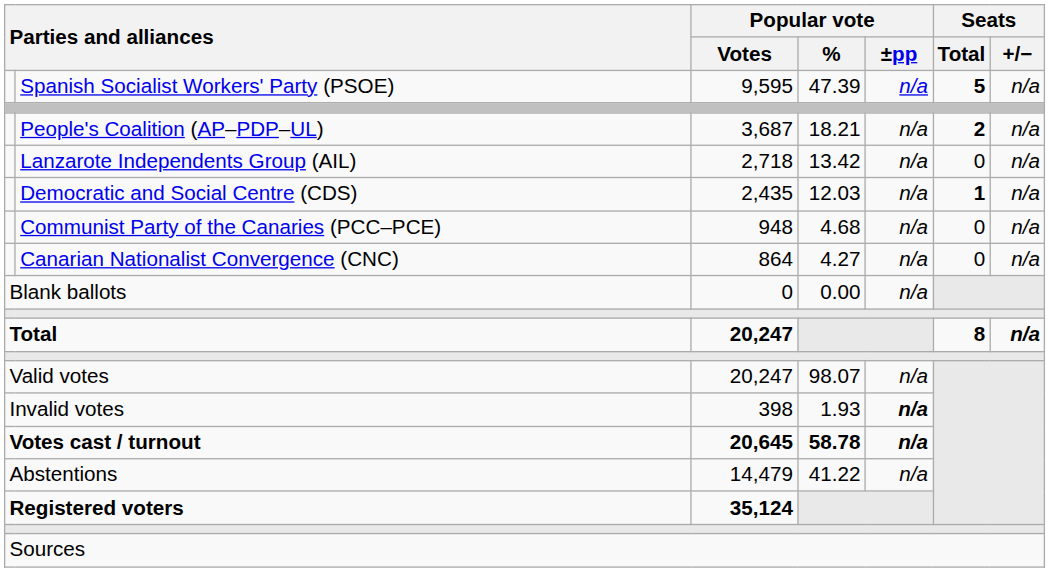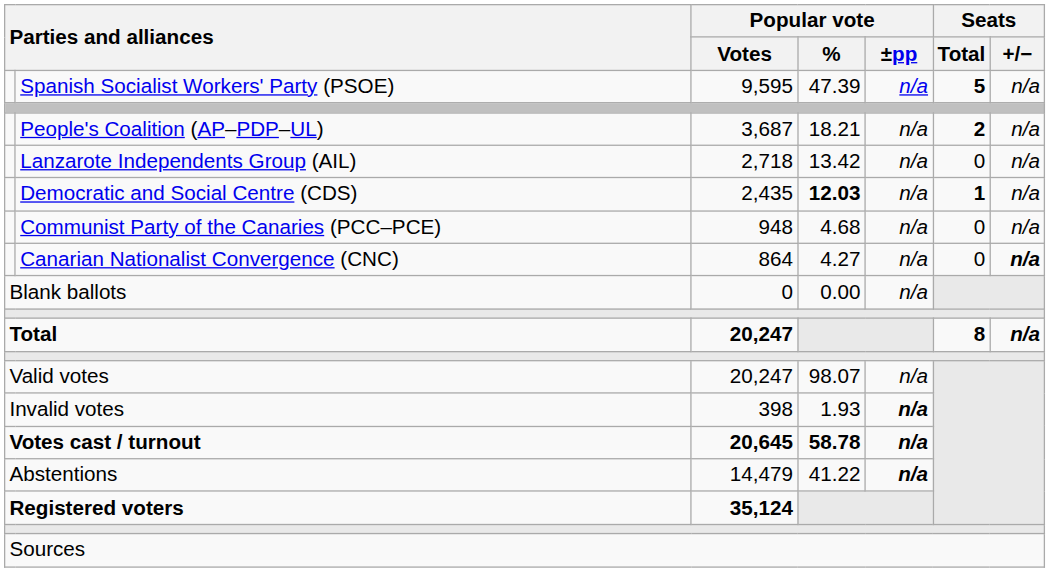 <table class="wikitable" style="text-align:right;">
 <tr>
 <th style="text-align:left;" rowspan="2" colspan="2" width="525">Parties and alliances</th>
 <th colspan="3">Popular vote</th>
 <th colspan="2">Seats</th>
 </tr>
 <tr>
 <th width="75">Votes</th>
 <th width="45">%</th>
 <th width="45">±<a href='#'>pp</a></th>
 <th width="35">Total</th>
 <th width="35">+/−</th>
 </tr>
 <tr>
 <td width="1" style="color:inherit;background:"></td>
 <td align="left"><a href='#'>Spanish Socialist Workers' Party</a> (PSOE)</td>
 <td>9,595</td>
 <td>47.39</td>
 <td><em><a href='#'>n/a</a></em></td>
 <td><strong>5</strong></td>
 <td><em>n/a</em></td>
 </tr>
 <tr>
 <td colspan="7" bgcolor="#C0C0C0"></td>
 </tr>
 <tr>
 <td style="color:inherit;background:"></td>
 <td align="left"><a href='#'>People's Coalition</a> (<a href='#'>AP</a>–<a href='#'>PDP</a>–<a href='#'>UL</a>)</td>
 <td>3,687</td>
 <td>18.21</td>
 <td><em>n/a</em></td>
 <td><strong>2</strong></td>
 <td><em>n/a</em></td>
 </tr>
 <tr>
 <td style="color:inherit;background:"></td>
 <td align="left"><a href='#'>Lanzarote Independents Group</a> (AIL)</td>
 <td>2,718</td>
 <td>13.42</td>
 <td><em>n/a</em></td>
 <td>0</td>
 <td><em>n/a</em></td>
 </tr>
 <tr>
 <td style="color:inherit;background:"></td>
 <td align="left"><a href='#'>Democratic and Social Centre</a> (CDS)</td>
 <td>2,435</td>
-<td>12.03</td>
+<td><strong>12.03</strong></td>
 <td><em>n/a</em></td>
 <td><strong>1</strong></td>
 <td><em>n/a</em></td>
 </tr>
 <tr>
 <td style="color:inherit;background:"></td>
 <td align="left"><a href='#'>Communist Party of the Canaries</a> (PCC–PCE)</td>
 <td>948</td>
 <td>4.68</td>
 <td><em>n/a</em></td>
 <td>0</td>
 <td><em>n/a</em></td>
 </tr>
 <tr>
 <td style="color:inherit;background:"></td>
 <td align="left"><a href='#'>Canarian Nationalist Convergence</a> (CNC)</td>
 <td>864</td>
 <td>4.27</td>
 <td><em>n/a</em></td>
 <td>0</td>
-<td><em>n/a</em></td>
+<td><strong><em>n/a</em></strong></td>
 </tr>
 <tr>
 <td align="left" colspan="2">Blank ballots</td>
 <td>0</td>
 <td>0.00</td>
 <td><em>n/a</em></td>
 <td bgcolor="#E9E9E9" colspan="2"></td>
 </tr>
 <tr>
 <td colspan="7" bgcolor="#E9E9E9"></td>
 </tr>
 <tr style="font-weight:bold;">
 <td align="left" colspan="2">Total</td>
 <td>20,247</td>
 <td bgcolor="#E9E9E9" colspan="2"></td>
 <td>8</td>
 <td><em>n/a</em></td>
 </tr>
 <tr>
 <td colspan="7" bgcolor="#E9E9E9"></td>
 </tr>
 <tr>
 <td align="left" colspan="2">Valid votes</td>
 <td>20,247</td>
 <td>98.07</td>
 <td><em>n/a</em></td>
 <td bgcolor="#E9E9E9" colspan="2" rowspan="5"></td>
 </tr>
 <tr>
 <td align="left" colspan="2">Invalid votes</td>
 <td>398</td>
 <td>1.93</td>
 <td><strong><em>n/a</em></strong></td>
 </tr>
 <tr style="font-weight:bold;">
 <td align="left" colspan="2">Votes cast / turnout</td>
 <td>20,645</td>
 <td>58.78</td>
 <td><em>n/a</em></td>
 </tr>
 <tr>
 <td align="left" colspan="2">Abstentions</td>
 <td>14,479</td>
 <td>41.22</td>
-<td><em>n/a</em></td>
+<td><strong><em>n/a</em></strong></td>
 </tr>
 <tr style="font-weight:bold;">
 <td align="left" colspan="2">Registered voters</td>
 <td>35,124</td>
 <td bgcolor="#E9E9E9" colspan="2"></td>
 </tr>
 <tr>
 <td colspan="7" bgcolor="#E9E9E9"></td>
 </tr>
 <tr>
 <td align="left" colspan="7">Sources</td>
 </tr>
 </table>
